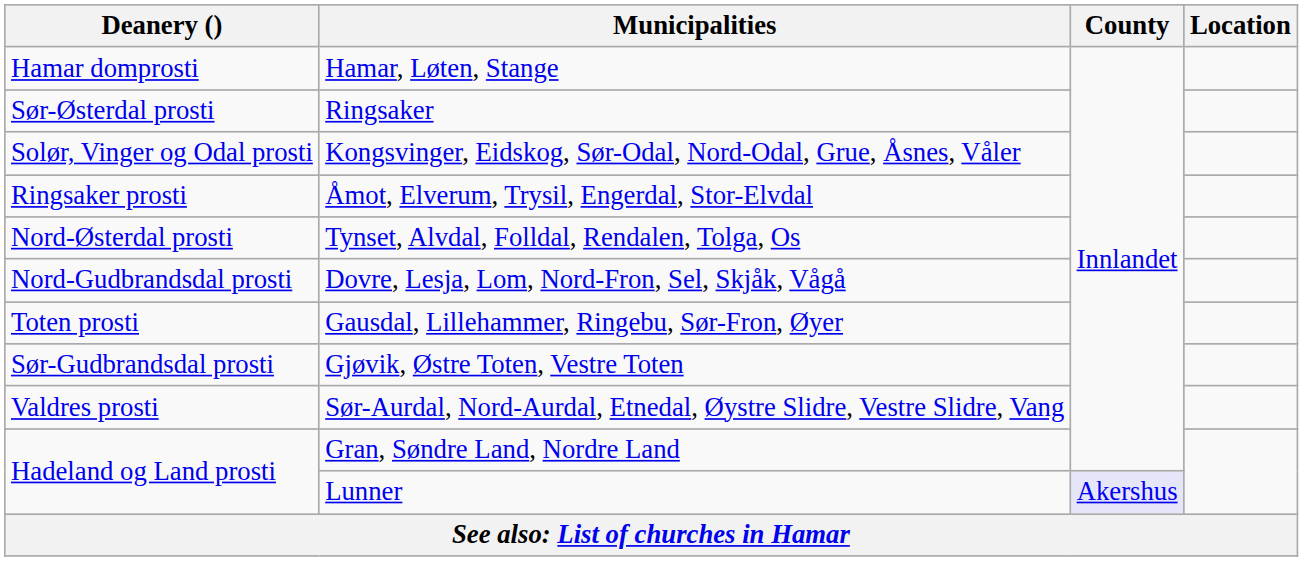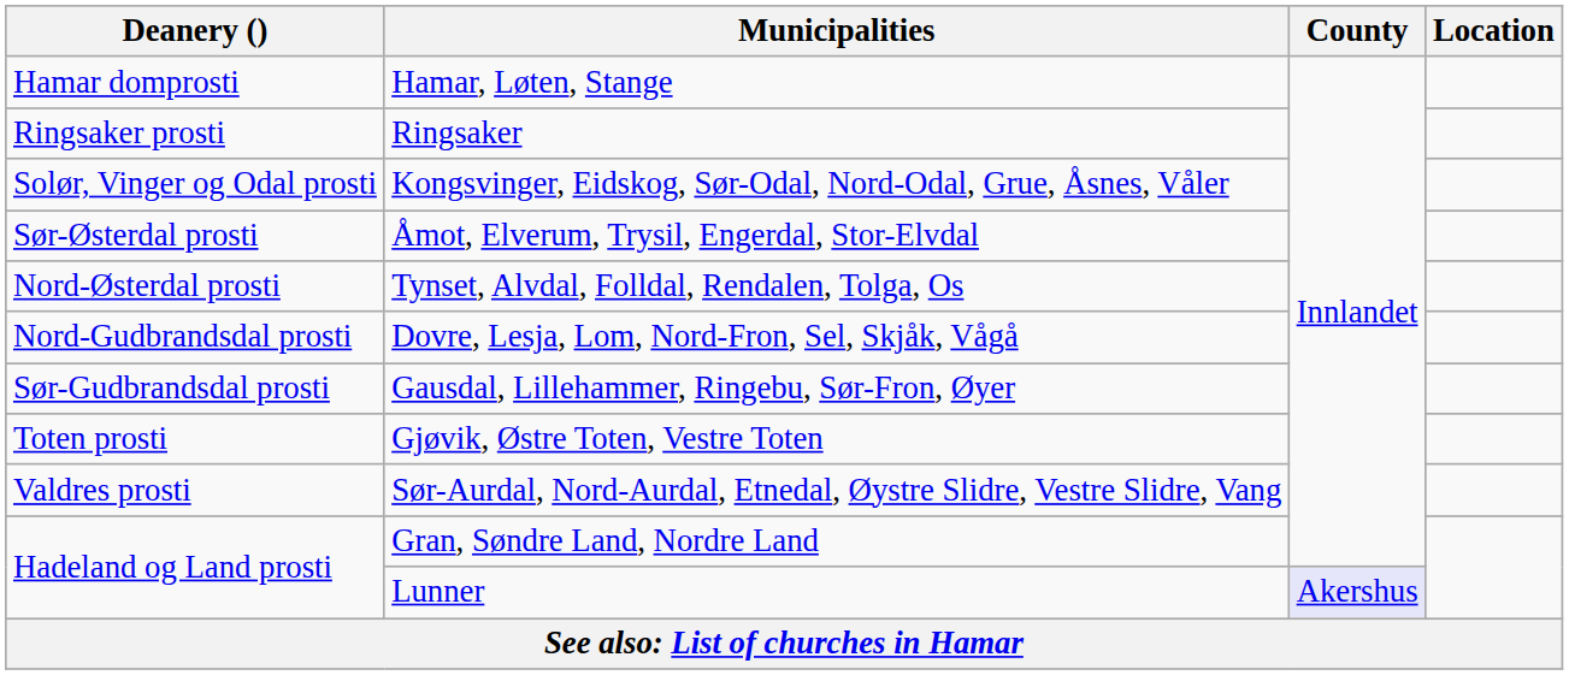 <table class="wikitable">
 <tr>
 <th>Deanery ()</th>
 <th>Municipalities</th>
 <th>County</th>
 <th>Location</th>
 </tr>
 <tr>
 <td><a href='#'>Hamar domprosti</a></td>
 <td><a href='#'>Hamar</a>, <a href='#'>Løten</a>, <a href='#'>Stange</a></td>
 <td rowspan="10"><a href='#'>Innlandet</a></td>
 <td></td>
 </tr>
 <tr>
-<td><a href='#'>Sør-Østerdal prosti</a></td>
+<td><a href='#'>Ringsaker prosti</a></td>
 <td><a href='#'>Ringsaker</a></td>
 <td></td>
 </tr>
 <tr>
 <td><a href='#'>Solør, Vinger og Odal prosti</a></td>
 <td><a href='#'>Kongsvinger</a>, <a href='#'>Eidskog</a>, <a href='#'>Sør-Odal</a>, <a href='#'>Nord-Odal</a>, <a href='#'>Grue</a>, <a href='#'>Åsnes</a>, <a href='#'>Våler</a></td>
 <td></td>
 </tr>
 <tr>
-<td><a href='#'>Ringsaker prosti</a></td>
+<td><a href='#'>Sør-Østerdal prosti</a></td>
 <td><a href='#'>Åmot</a>, <a href='#'>Elverum</a>, <a href='#'>Trysil</a>, <a href='#'>Engerdal</a>, <a href='#'>Stor-Elvdal</a></td>
 <td></td>
 </tr>
 <tr>
 <td><a href='#'>Nord-Østerdal prosti</a></td>
 <td><a href='#'>Tynset</a>, <a href='#'>Alvdal</a>, <a href='#'>Folldal</a>, <a href='#'>Rendalen</a>, <a href='#'>Tolga</a>, <a href='#'>Os</a></td>
 <td></td>
 </tr>
 <tr>
 <td><a href='#'>Nord-Gudbrandsdal prosti</a></td>
 <td><a href='#'>Dovre</a>, <a href='#'>Lesja</a>, <a href='#'>Lom</a>, <a href='#'>Nord-Fron</a>, <a href='#'>Sel</a>, <a href='#'>Skjåk</a>, <a href='#'>Vågå</a></td>
 <td></td>
 </tr>
 <tr>
-<td><a href='#'>Toten prosti</a></td>
+<td><a href='#'>Sør-Gudbrandsdal prosti</a></td>
 <td><a href='#'>Gausdal</a>, <a href='#'>Lillehammer</a>, <a href='#'>Ringebu</a>, <a href='#'>Sør-Fron</a>, <a href='#'>Øyer</a></td>
 <td></td>
 </tr>
 <tr>
-<td><a href='#'>Sør-Gudbrandsdal prosti</a></td>
+<td><a href='#'>Toten prosti</a></td>
 <td><a href='#'>Gjøvik</a>, <a href='#'>Østre Toten</a>, <a href='#'>Vestre Toten</a></td>
 <td></td>
 </tr>
 <tr>
 <td><a href='#'>Valdres prosti</a></td>
 <td><a href='#'>Sør-Aurdal</a>, <a href='#'>Nord-Aurdal</a>, <a href='#'>Etnedal</a>, <a href='#'>Øystre Slidre</a>, <a href='#'>Vestre Slidre</a>, <a href='#'>Vang</a></td>
 <td></td>
 </tr>
 <tr>
 <td rowspan="2"><a href='#'>Hadeland og Land prosti</a></td>
 <td><a href='#'>Gran</a>, <a href='#'>Søndre Land</a>, <a href='#'>Nordre Land</a></td>
 <td rowspan="2"></td>
 </tr>
 <tr>
 <td><a href='#'>Lunner</a></td>
 <td style="background: lavender;"><a href='#'>Akershus</a></td>
 </tr>
 <tr>
 <th colspan="4"><em>See also: <a href='#'>List of churches in Hamar</a></em></th>
 </tr>
 </table>
